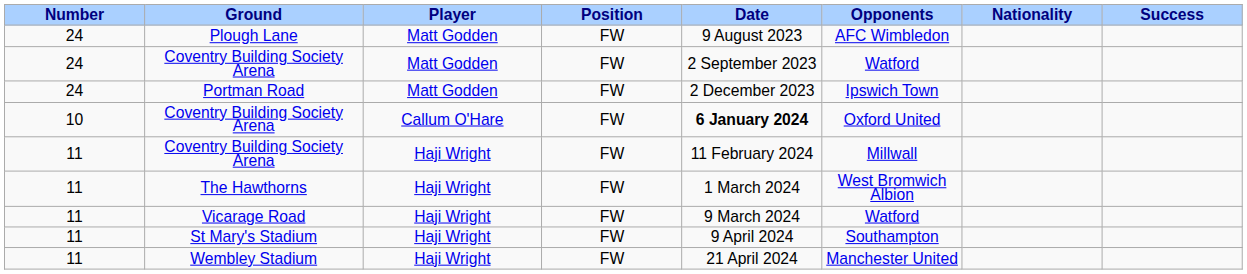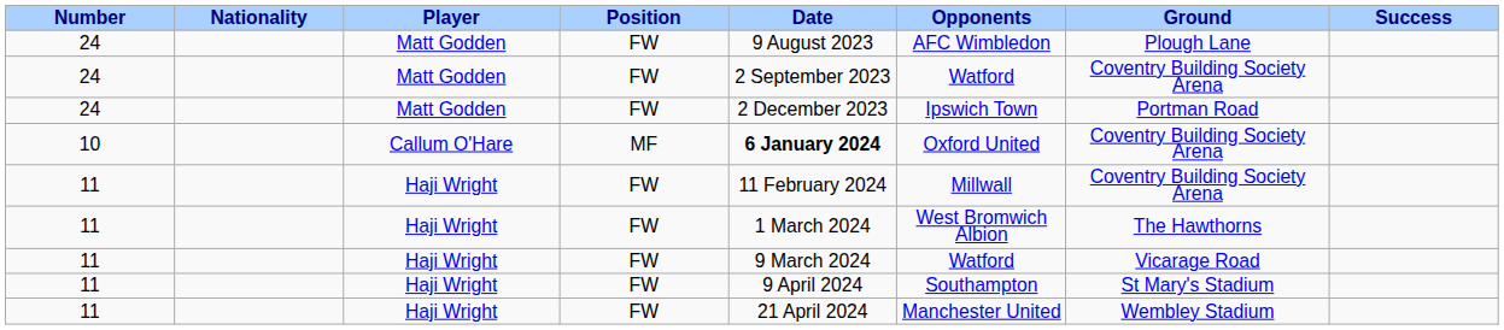 <table class="wikitable sortable alternance" style="font-size:100%; text-align:center; line-height:14px; width:100%;">
 <tr>
 <th style="background:#AAD0FF; color:#000080; width:100px;">Number</th>
-<th style="background:#AAD0FF; color:#000080; width:160px;">Ground</th>
+<th style="background:#AAD0FF; color:#000080; width:100px;">Nationality</th>
 <th style="background:#AAD0FF; color:#000080; width:130px;">Player</th>
 <th style="background:#AAD0FF; color:#000080; width:100px;">Position</th>
 <th style="background:#AAD0FF; color:#000080; width:100px;">Date</th>
 <th style="background:#AAD0FF; color:#000080; width:100px;">Opponents</th>
-<th style="background:#AAD0FF; color:#000080; width:100px;">Nationality</th>
+<th style="background:#AAD0FF; color:#000080; width:160px;">Ground</th>
 <th style="background:#AAD0FF; color:#000080; width:100px;">Success</th>
 </tr>
 <tr>
 <td>24</td>
-<td><a href='#'>Plough Lane</a></td>
+<td></td>
 <td><a href='#'>Matt Godden</a></td>
 <td>FW</td>
 <td>9 August 2023</td>
 <td><a href='#'>AFC Wimbledon</a></td>
-<td></td>
+<td><a href='#'>Plough Lane</a></td>
 <td></td>
 </tr>
 <tr>
 <td>24</td>
-<td><a href='#'>Coventry Building Society Arena</a></td>
+<td></td>
 <td><a href='#'>Matt Godden</a></td>
 <td>FW</td>
 <td>2 September 2023</td>
 <td><a href='#'>Watford</a></td>
-<td></td>
+<td><a href='#'>Coventry Building Society Arena</a></td>
 <td></td>
 </tr>
 <tr>
 <td>24</td>
-<td><a href='#'>Portman Road</a></td>
+<td></td>
 <td><a href='#'>Matt Godden</a></td>
 <td>FW</td>
 <td>2 December 2023</td>
 <td><a href='#'>Ipswich Town</a></td>
-<td></td>
+<td><a href='#'>Portman Road</a></td>
 <td></td>
 </tr>
 <tr>
 <td>10</td>
-<td><a href='#'>Coventry Building Society Arena</a></td>
+<td></td>
 <td><a href='#'>Callum O'Hare</a></td>
-<td>FW</td>
+<td>MF</td>
 <td><strong>6 January 2024</strong></td>
 <td><a href='#'>Oxford United</a></td>
-<td></td>
+<td><a href='#'>Coventry Building Society Arena</a></td>
 <td></td>
 </tr>
 <tr>
 <td>11</td>
-<td><a href='#'>Coventry Building Society Arena</a></td>
+<td></td>
 <td><a href='#'>Haji Wright</a></td>
 <td>FW</td>
 <td>11 February 2024</td>
 <td><a href='#'>Millwall</a></td>
-<td></td>
+<td><a href='#'>Coventry Building Society Arena</a></td>
 <td></td>
 </tr>
 <tr>
 <td>11</td>
-<td><a href='#'>The Hawthorns</a></td>
+<td></td>
 <td><a href='#'>Haji Wright</a></td>
 <td>FW</td>
 <td>1 March 2024</td>
 <td><a href='#'>West Bromwich Albion</a></td>
-<td></td>
+<td><a href='#'>The Hawthorns</a></td>
 <td></td>
 </tr>
 <tr>
 <td>11</td>
-<td><a href='#'>Vicarage Road</a></td>
+<td></td>
 <td><a href='#'>Haji Wright</a></td>
 <td>FW</td>
 <td>9 March 2024</td>
 <td><a href='#'>Watford</a></td>
-<td></td>
+<td><a href='#'>Vicarage Road</a></td>
 <td></td>
 </tr>
 <tr>
 <td>11</td>
-<td><a href='#'>St Mary's Stadium</a></td>
+<td></td>
 <td><a href='#'>Haji Wright</a></td>
 <td>FW</td>
 <td>9 April 2024</td>
 <td><a href='#'>Southampton</a></td>
-<td></td>
+<td><a href='#'>St Mary's Stadium</a></td>
 <td></td>
 </tr>
 <tr>
 <td>11</td>
-<td><a href='#'>Wembley Stadium</a></td>
+<td></td>
 <td><a href='#'>Haji Wright</a></td>
 <td>FW</td>
 <td>21 April 2024</td>
 <td><a href='#'>Manchester United</a></td>
-<td></td>
+<td><a href='#'>Wembley Stadium</a></td>
 <td></td>
 </tr>
 </table>
